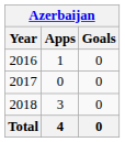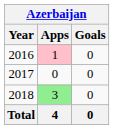 <table class="wikitable" style="text-align:center">
 <tr>
 <th colspan=3><a href='#'>Azerbaijan</a></th>
 </tr>
 <tr>
 <th>Year</th>
 <th>Apps</th>
 <th>Goals</th>
 </tr>
 <tr>
 <td>2016</td>
-<td>1</td>
+<td style="background: pink;">1</td>
 <td>0</td>
 </tr>
 <tr>
 <td>2017</td>
 <td>0</td>
 <td>0</td>
 </tr>
 <tr>
 <td>2018</td>
-<td>3</td>
+<td style="background: lightgreen;">3</td>
 <td>0</td>
 </tr>
 <tr>
 <th>Total</th>
 <th>4</th>
 <th>0</th>
 </tr>
 </table>
